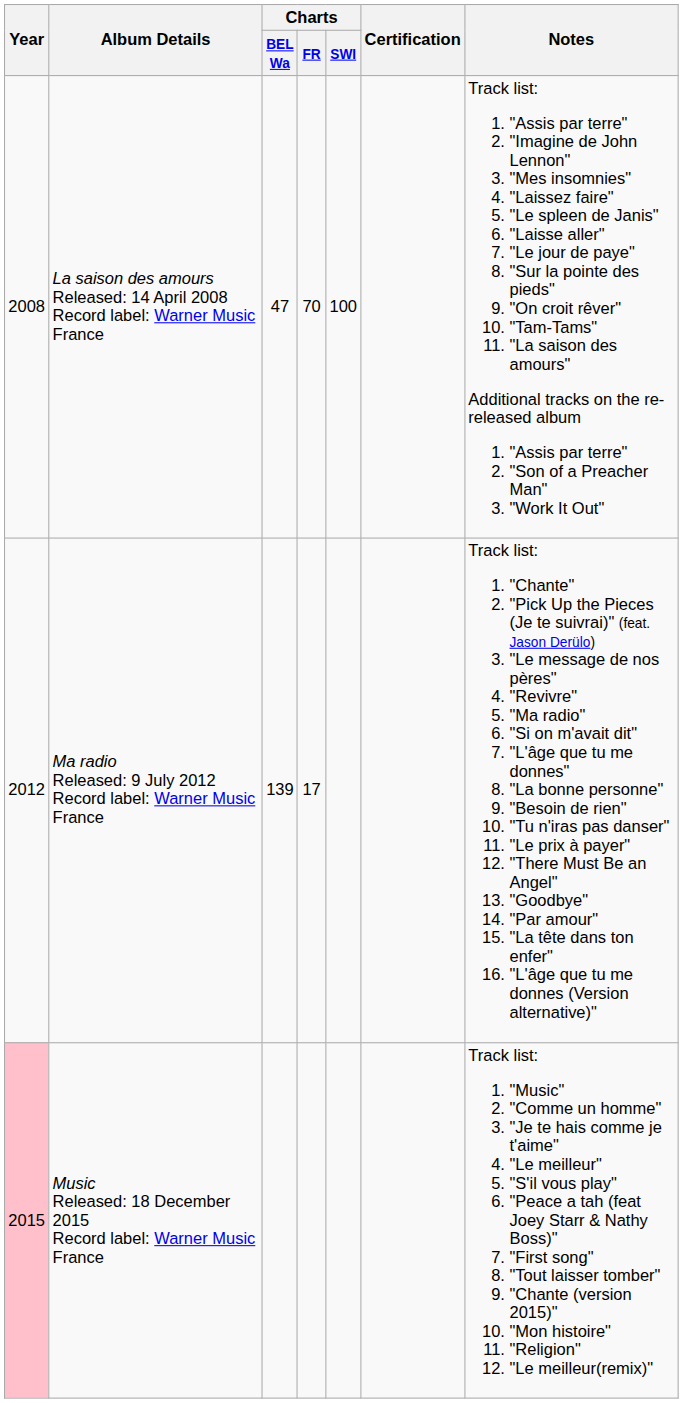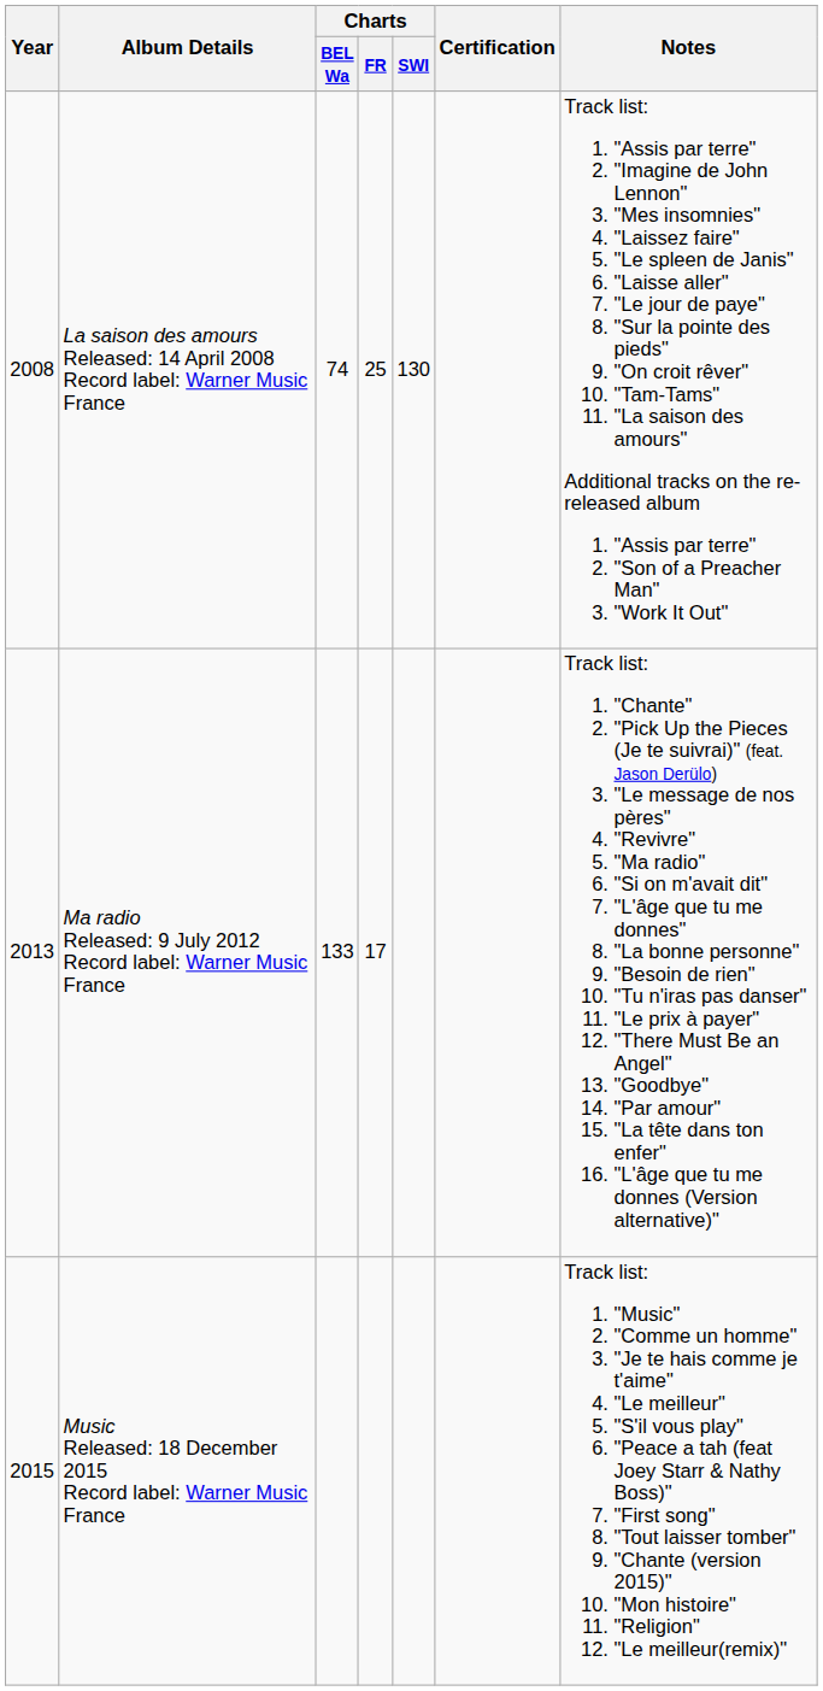 <table class="wikitable">
 <tr>
 <th align="center" rowspan="2" width="10">Year</th>
 <th align="center" rowspan="2" width="200">Album Details</th>
 <th align="center" colspan="3">Charts</th>
 <th align="center" rowspan="2" width="40">Certification</th>
 <th align="center" rowspan="2" width="200">Notes</th>
 </tr>
 <tr>
 <th width="20"><small><a href='#'>BEL <br>Wa</a></small><br></th>
 <th width="20"><small><a href='#'>FR</a></small><br></th>
 <th width="20"><small><a href='#'>SWI</a></small><br></th>
 </tr>
 <tr>
 <td align="center" rowspan="1">2008</td>
 <td><em>La saison des amours</em> <br> Released: 14 April 2008 <br>Record label: <a href='#'>Warner Music</a> France</td>
-<td align="center">47</td>
-<td align="center">70</td>
-<td align="center">100</td>
+<td align="center">74</td>
+<td align="center">25</td>
+<td align="center">130</td>
 <td align="center"></td>
 <td align="left">Track list:<br><ol><li>"Assis par terre"</li><li>"Imagine de John Lennon"</li><li>"Mes insomnies"</li><li>"Laissez faire"</li><li>"Le spleen de Janis"</li><li>"Laisse aller"</li><li>"Le jour de paye"</li><li>"Sur la pointe des pieds"</li><li>"On croit rêver"</li><li>"Tam-Tams"</li><li>"La saison des amours"</li></ol>Additional tracks on the re-released album<ol><li>"Assis par terre"</li><li>"Son of a Preacher Man"</li><li>"Work It Out"</li></ol></td>
 </tr>
 <tr>
-<td align="center" rowspan="1">2012</td>
+<td align="center" rowspan="1">2013</td>
 <td><em>Ma radio</em> <br> Released: 9 July 2012 <br>Record label: <a href='#'>Warner Music</a> France</td>
-<td align="center">139</td>
+<td align="center">133</td>
 <td align="center">17</td>
 <td align="center"></td>
 <td align="center"></td>
 <td align="left">Track list:<br><ol><li>"Chante"</li><li>"Pick Up the Pieces (Je te suivrai)" <small>(feat. <a href='#'>Jason Derülo</a>)</small></li><li>"Le message de nos pères"</li><li>"Revivre"</li><li>"Ma radio"</li><li>"Si on m'avait dit"</li><li>"L'âge que tu me donnes"</li><li>"La bonne personne"</li><li>"Besoin de rien"</li><li>"Tu n'iras pas danser"</li><li>"Le prix à payer"</li><li>"There Must Be an Angel"</li><li>"Goodbye"</li><li>"Par amour"</li><li>"La tête dans ton enfer"</li><li>"L'âge que tu me donnes (Version alternative)"</li></ol></td>
 </tr>
 <tr>
-<td align="center" rowspan="1" style="background: pink;">2015</td>
+<td align="center" rowspan="1">2015</td>
 <td><em>Music</em> <br> Released: 18 December 2015 <br>Record label: <a href='#'>Warner Music</a> France</td>
 <td align="center"></td>
 <td align="center"></td>
 <td align="center"></td>
 <td align="center"></td>
 <td align="left">Track list:<br><ol><li>"Music"</li><li>"Comme un homme"</li><li>"Je te hais comme je t'aime"</li><li>"Le meilleur"</li><li>"S'il vous play"</li><li>"Peace a tah (feat Joey Starr & Nathy Boss)"</li><li>"First song"</li><li>"Tout laisser tomber"</li><li>"Chante (version 2015)"</li><li>"Mon histoire"</li><li>"Religion"</li><li>"Le meilleur(remix)"</li></ol></td>
 </tr>
 </table>
